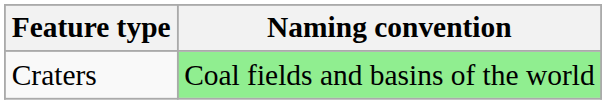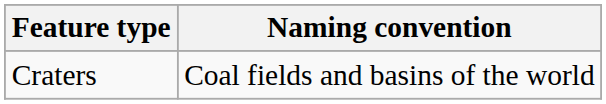 <table class="wikitable">
 <tr>
 <th>Feature type</th>
 <th>Naming convention</th>
 </tr>
 <tr>
 <td>Craters</td>
-<td style="background: lightgreen;">Coal fields and basins of the world</td>
+<td>Coal fields and basins of the world</td>
 </tr>
 </table>
